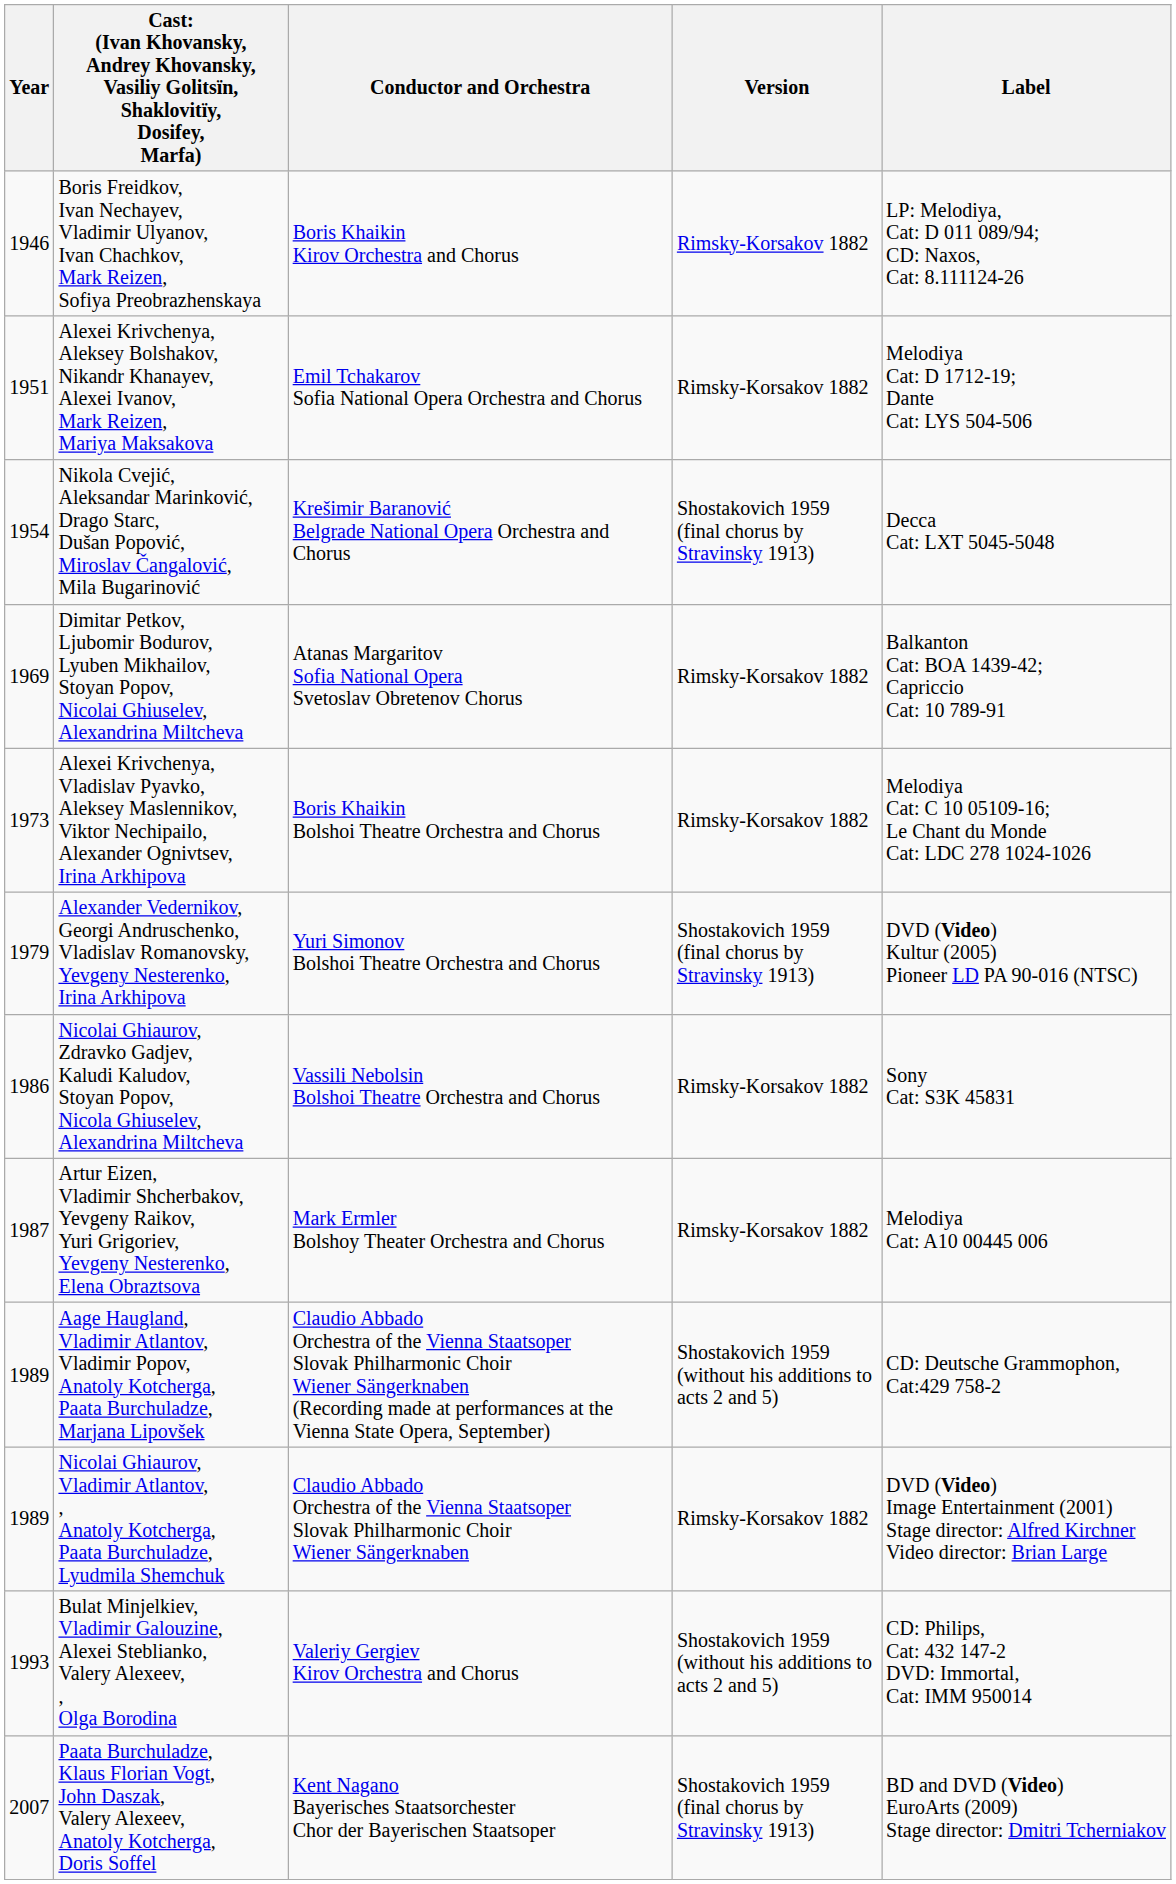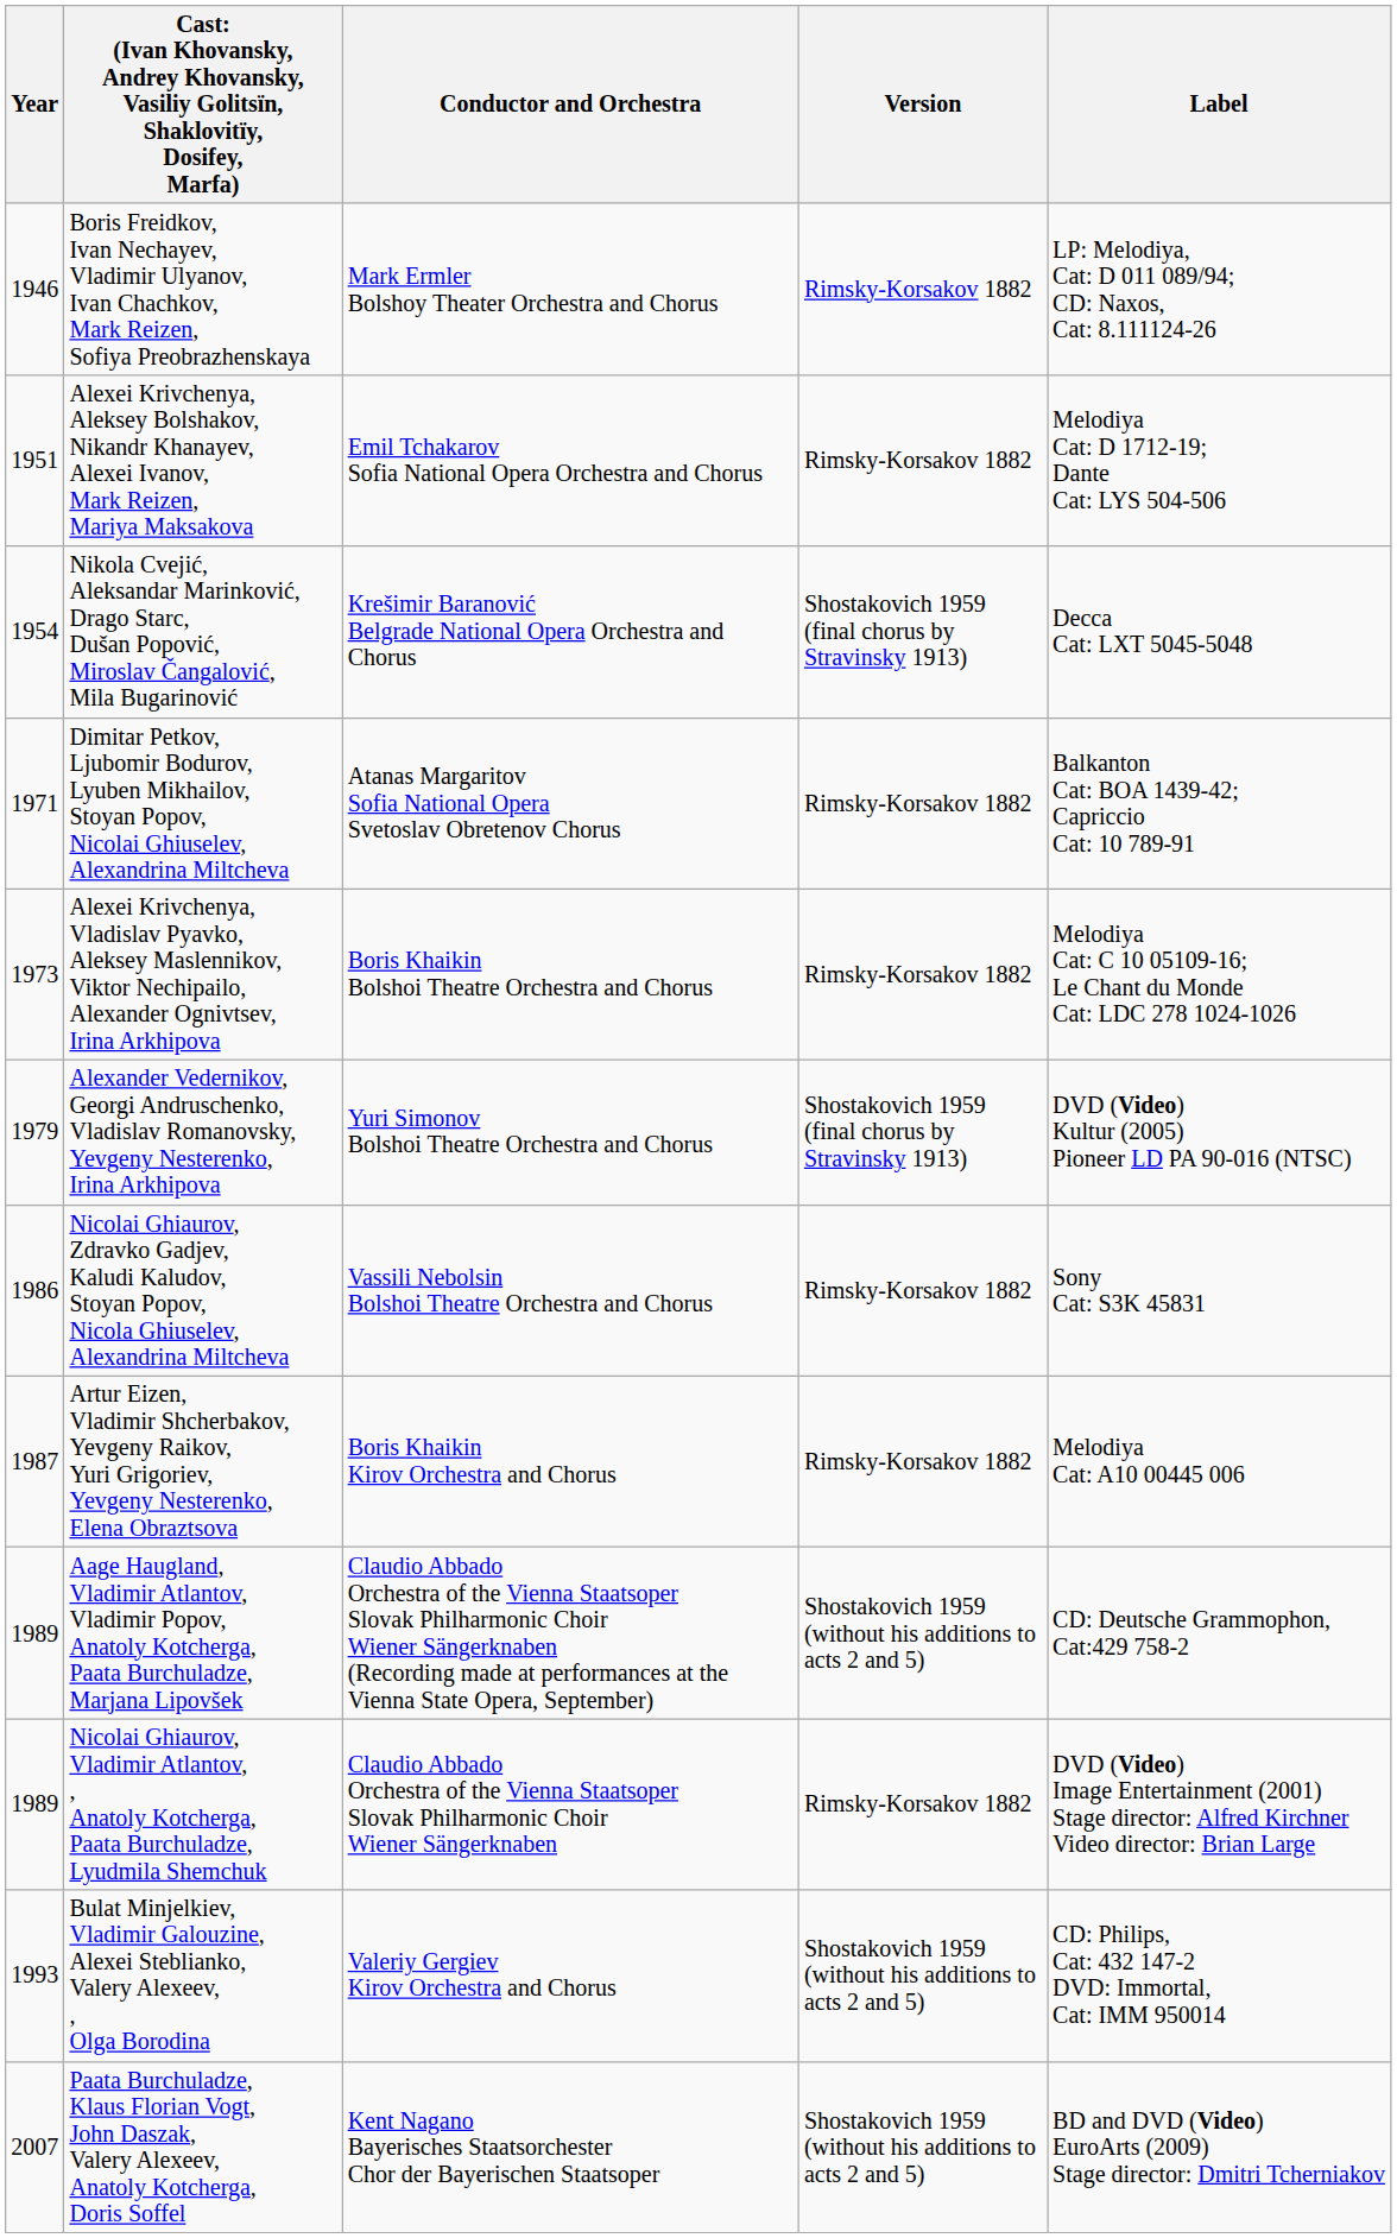 <table class="wikitable">
 <tr>
 <th>Year</th>
 <th Width="180">Cast:<br>(Ivan Khovansky,<br>Andrey Khovansky,<br>Vasiliy Golitsïn,<br>Shaklovitïy,<br>Dosifey,<br>Marfa)</th>
 <th Width="300">Conductor and Orchestra</th>
 <th Width="160">Version</th>
 <th>Label</th>
 </tr>
 <tr>
 <td>1946</td>
 <td>Boris Freidkov,<br>Ivan Nechayev,<br>Vladimir Ulyanov,<br>Ivan Chachkov,<br><a href='#'>Mark Reizen</a>,<br>Sofiya Preobrazhenskaya</td>
-<td><a href='#'>Boris Khaikin</a><br> <a href='#'>Kirov Orchestra</a> and Chorus</td>
+<td><a href='#'>Mark Ermler</a><br>Bolshoy Theater Orchestra and Chorus</td>
 <td><a href='#'>Rimsky-Korsakov</a> 1882</td>
 <td>LP: Melodiya,<br>Cat: D 011 089/94;<br>CD: Naxos,<br>Cat: 8.111124-26</td>
 </tr>
 <tr>
 <td>1951</td>
 <td>Alexei Krivchenya,<br>Aleksey Bolshakov,<br>Nikandr Khanayev,<br>Alexei Ivanov,<br><a href='#'>Mark Reizen</a>,<br><a href='#'>Mariya Maksakova</a></td>
 <td><a href='#'>Emil Tchakarov</a><br>Sofia National Opera Orchestra and Chorus</td>
 <td>Rimsky-Korsakov 1882</td>
 <td>Melodiya<br>Cat: D 1712-19;<br>Dante<br>Cat: LYS 504-506</td>
 </tr>
 <tr>
 <td>1954</td>
 <td [>Nikola Cvejić,<br>Aleksandar Marinković,<br>Drago Starc,<br>Dušan Popović,<br><a href='#'>Miroslav Čangalović</a>,<br>Mila Bugarinović</td>
 <td><a href='#'>Krešimir Baranović</a><br><a href='#'>Belgrade National Opera</a> Orchestra and Chorus</td>
 <td>Shostakovich 1959<br>(final chorus by <a href='#'>Stravinsky</a> 1913)</td>
 <td>Decca<br>Cat: LXT 5045-5048</td>
 </tr>
 <tr>
-<td>1969</td>
+<td>1971</td>
 <td>Dimitar Petkov,<br>Ljubomir Bodurov,<br>Lyuben Mikhailov,<br>Stoyan Popov,<br><a href='#'>Nicolai Ghiuselev</a>,<br><a href='#'>Alexandrina Miltcheva</a></td>
 <td>Atanas Margaritov<br><a href='#'>Sofia National Opera</a><br>Svetoslav Obretenov Chorus</td>
 <td>Rimsky-Korsakov 1882</td>
 <td>Balkanton<br>Cat: BOA 1439-42;<br>Capriccio<br>Cat: 10 789-91</td>
 </tr>
 <tr>
 <td>1973</td>
 <td>Alexei Krivchenya,<br>Vladislav Pyavko,<br>Aleksey Maslennikov,<br>Viktor Nechipailo,<br>Alexander Ognivtsev,<br><a href='#'>Irina Arkhipova</a></td>
 <td><a href='#'>Boris Khaikin</a><br>Bolshoi Theatre Orchestra and Chorus</td>
 <td>Rimsky-Korsakov 1882</td>
 <td>Melodiya<br>Cat: C 10 05109-16;<br>Le Chant du Monde<br>Cat: LDC 278 1024-1026</td>
 </tr>
 <tr>
 <td>1979</td>
 <td><a href='#'>Alexander Vedernikov</a>,<br>Georgi Andruschenko,<br>Vladislav Romanovsky,<br><a href='#'>Yevgeny Nesterenko</a>,<br><a href='#'>Irina Arkhipova</a></td>
 <td><a href='#'>Yuri Simonov</a><br>Bolshoi Theatre Orchestra and Chorus</td>
 <td>Shostakovich 1959<br>(final chorus by <a href='#'>Stravinsky</a> 1913)</td>
 <td>DVD (<strong>Video</strong>)<br>Kultur (2005)<br>Pioneer <a href='#'>LD</a> PA 90-016 (NTSC)</td>
 </tr>
 <tr>
 <td>1986</td>
 <td><a href='#'>Nicolai Ghiaurov</a>,<br>Zdravko Gadjev,<br>Kaludi Kaludov,<br>Stoyan Popov,<br><a href='#'>Nicola Ghiuselev</a>,<br><a href='#'>Alexandrina Miltcheva</a></td>
 <td><a href='#'>Vassili Nebolsin</a><br><a href='#'>Bolshoi Theatre</a> Orchestra and Chorus</td>
 <td>Rimsky-Korsakov 1882</td>
 <td>Sony<br>Cat: S3K 45831</td>
 </tr>
 <tr>
 <td>1987</td>
 <td>Artur Eizen,<br>Vladimir Shcherbakov,<br>Yevgeny Raikov,<br>Yuri Grigoriev,<br><a href='#'>Yevgeny Nesterenko</a>,<br><a href='#'>Elena Obraztsova</a></td>
-<td><a href='#'>Mark Ermler</a><br>Bolshoy Theater Orchestra and Chorus</td>
+<td><a href='#'>Boris Khaikin</a><br> <a href='#'>Kirov Orchestra</a> and Chorus</td>
 <td>Rimsky-Korsakov 1882</td>
 <td>Melodiya<br>Cat: A10 00445 006</td>
 </tr>
 <tr>
 <td>1989</td>
 <td><a href='#'>Aage Haugland</a>,<br><a href='#'>Vladimir Atlantov</a>,<br>Vladimir Popov,<br><a href='#'>Anatoly Kotcherga</a>,<br><a href='#'>Paata Burchuladze</a>,<br><a href='#'>Marjana Lipovšek</a></td>
 <td><a href='#'>Claudio Abbado</a><br>Orchestra of the <a href='#'>Vienna Staatsoper</a><br>Slovak Philharmonic Choir<br><a href='#'>Wiener Sängerknaben</a><br>(Recording made at performances at the Vienna State Opera, September)</td>
 <td>Shostakovich 1959 (without his additions to acts 2 and 5)</td>
 <td>CD: Deutsche Grammophon,<br>Cat:429 758-2</td>
 </tr>
 <tr>
 <td>1989</td>
 <td><a href='#'>Nicolai Ghiaurov</a>,<br><a href='#'>Vladimir Atlantov</a>,<br>,<br><a href='#'>Anatoly Kotcherga</a>,<br><a href='#'>Paata Burchuladze</a>,<br><a href='#'>Lyudmila Shemchuk</a></td>
 <td><a href='#'>Claudio Abbado</a><br>Orchestra of the <a href='#'>Vienna Staatsoper</a><br>Slovak Philharmonic Choir<br><a href='#'>Wiener Sängerknaben</a></td>
 <td>Rimsky-Korsakov 1882</td>
 <td>DVD (<strong>Video</strong>)<br>Image Entertainment (2001)<br>Stage director: <a href='#'>Alfred Kirchner</a><br>Video director: <a href='#'>Brian Large</a></td>
 </tr>
 <tr>
 <td>1993</td>
 <td>Bulat Minjelkiev,<br><a href='#'>Vladimir Galouzine</a>,<br>Alexei Steblianko,<br>Valery Alexeev,<br>,<br><a href='#'>Olga Borodina</a></td>
 <td><a href='#'>Valeriy Gergiev</a><br><a href='#'>Kirov Orchestra</a> and Chorus</td>
 <td>Shostakovich 1959 (without his additions to acts 2 and 5)</td>
 <td>CD: Philips,<br>Cat: 432 147-2<br>DVD: Immortal,<br>Cat: IMM 950014</td>
 </tr>
 <tr>
 <td>2007</td>
 <td><a href='#'>Paata Burchuladze</a>,<br><a href='#'>Klaus Florian Vogt</a>,<br><a href='#'>John Daszak</a>,<br>Valery Alexeev,<br><a href='#'>Anatoly Kotcherga</a>,<br><a href='#'>Doris Soffel</a></td>
 <td><a href='#'>Kent Nagano</a><br>Bayerisches Staatsorchester<br>Chor der Bayerischen Staatsoper</td>
-<td>Shostakovich 1959<br>(final chorus by <a href='#'>Stravinsky</a> 1913)</td>
+<td>Shostakovich 1959 (without his additions to acts 2 and 5)</td>
 <td>BD and DVD (<strong>Video</strong>)<br>EuroArts (2009)<br>Stage director: <a href='#'>Dmitri Tcherniakov</a></td>
 </tr>
 </table>
